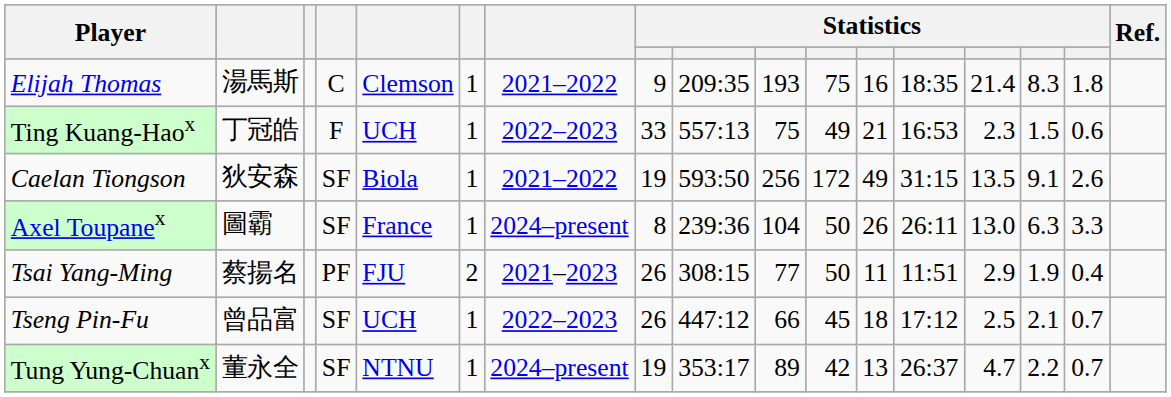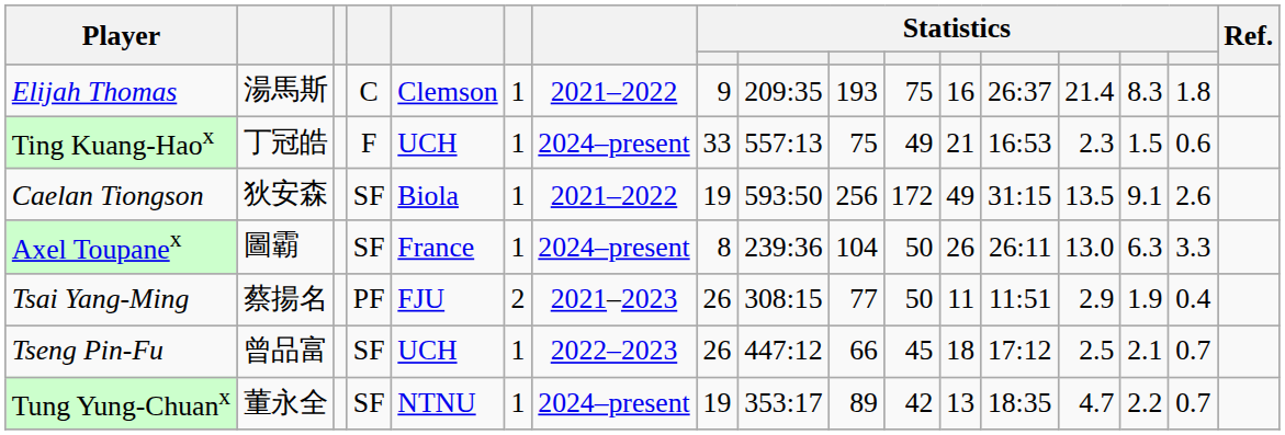 <table class="wikitable sortable" style="font-size:95%; text-align:right;">
 <tr>
 <th rowspan="2">Player</th>
 <th rowspan="2"></th>
 <th rowspan="2"></th>
 <th rowspan="2"></th>
 <th rowspan="2"></th>
 <th rowspan="2"></th>
 <th rowspan="2"></th>
 <th colspan="9">Statistics</th>
 <th rowspan="2">Ref.</th>
 </tr>
 <tr>
 <th></th>
 <th></th>
 <th></th>
 <th></th>
 <th></th>
 <th></th>
 <th></th>
 <th></th>
 <th></th>
 </tr>
 <tr>
 <td align="left"><em><a href='#'>Elijah Thomas</a></em></td>
 <td align="left">湯馬斯</td>
 <td align="center"></td>
 <td align="center">C</td>
 <td align="left"><a href='#'>Clemson</a></td>
 <td align="center">1</td>
 <td align="center"><a href='#'>2021–2022</a></td>
 <td>9</td>
 <td>209:35</td>
 <td>193</td>
 <td>75</td>
 <td>16</td>
-<td>18:35</td>
+<td>26:37</td>
 <td>21.4</td>
 <td>8.3</td>
 <td>1.8</td>
 <td align="center"></td>
 </tr>
 <tr>
 <td align="left" bgcolor="#CCFFCC">Ting Kuang-Hao<sup>x</sup></td>
 <td align="left">丁冠皓</td>
 <td align="center"></td>
 <td align="center">F</td>
 <td align="left"><a href='#'>UCH</a></td>
 <td align="center">1</td>
-<td align="center"><a href='#'>2022–2023</a></td>
+<td align="center"><a href='#'>2024–present</a></td>
 <td>33</td>
 <td>557:13</td>
 <td>75</td>
 <td>49</td>
 <td>21</td>
 <td>16:53</td>
 <td>2.3</td>
 <td>1.5</td>
 <td>0.6</td>
 <td align="center"></td>
 </tr>
 <tr>
 <td align="left"><em>Caelan Tiongson</em></td>
 <td align="left">狄安森</td>
 <td align="center"></td>
 <td align="center">SF</td>
 <td align="left"><a href='#'>Biola</a></td>
 <td align="center">1</td>
 <td align="center"><a href='#'>2021–2022</a></td>
 <td>19</td>
 <td>593:50</td>
 <td>256</td>
 <td>172</td>
 <td>49</td>
 <td>31:15</td>
 <td>13.5</td>
 <td>9.1</td>
 <td>2.6</td>
 <td align="center"></td>
 </tr>
 <tr>
 <td align="left" bgcolor="#CCFFCC"><a href='#'>Axel Toupane</a><sup>x</sup></td>
 <td align="left">圖霸</td>
 <td align="center"></td>
 <td align="center">SF</td>
 <td align="left"><a href='#'>France</a></td>
 <td align="center">1</td>
 <td align="center"><a href='#'>2024–present</a></td>
 <td>8</td>
 <td>239:36</td>
 <td>104</td>
 <td>50</td>
 <td>26</td>
 <td>26:11</td>
 <td>13.0</td>
 <td>6.3</td>
 <td>3.3</td>
 <td align="center"></td>
 </tr>
 <tr>
 <td align="left"><em>Tsai Yang-Ming</em></td>
 <td align="left">蔡揚名</td>
 <td align="center"></td>
 <td align="center">PF</td>
 <td align="left"><a href='#'>FJU</a></td>
 <td align="center">2</td>
 <td align="center"><a href='#'>2021</a>–<a href='#'>2023</a></td>
 <td>26</td>
 <td>308:15</td>
 <td>77</td>
 <td>50</td>
 <td>11</td>
 <td>11:51</td>
 <td>2.9</td>
 <td>1.9</td>
 <td>0.4</td>
 <td align="center"></td>
 </tr>
 <tr>
 <td align="left"><em>Tseng Pin-Fu</em></td>
 <td align="left">曾品富</td>
 <td align="center"></td>
 <td align="center">SF</td>
 <td align="left"><a href='#'>UCH</a></td>
 <td align="center">1</td>
 <td align="center"><a href='#'>2022–2023</a></td>
 <td>26</td>
 <td>447:12</td>
 <td>66</td>
 <td>45</td>
 <td>18</td>
 <td>17:12</td>
 <td>2.5</td>
 <td>2.1</td>
 <td>0.7</td>
 <td align="center"></td>
 </tr>
 <tr>
 <td align="left" bgcolor="#CCFFCC">Tung Yung-Chuan<sup>x</sup></td>
 <td align="left">董永全</td>
 <td align="center"></td>
 <td align="center">SF</td>
 <td align="left"><a href='#'>NTNU</a></td>
 <td align="center">1</td>
 <td align="center"><a href='#'>2024–present</a></td>
 <td>19</td>
 <td>353:17</td>
 <td>89</td>
 <td>42</td>
 <td>13</td>
-<td>26:37</td>
+<td>18:35</td>
 <td>4.7</td>
 <td>2.2</td>
 <td>0.7</td>
 <td align="center"></td>
 </tr>
 </table>
